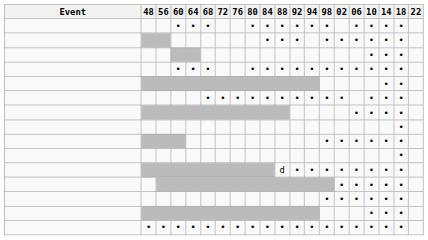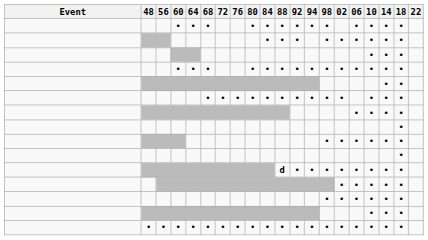 <table class="wikitable" style="text-align:center">
 <tr>
 <th style="width:15em">Event</th>
 <th>48</th>
 <th>56</th>
 <th>60</th>
 <th>64</th>
 <th>68</th>
 <th>72</th>
 <th>76</th>
 <th>80</th>
 <th>84</th>
 <th>88</th>
 <th>92</th>
 <th>94</th>
 <th>98</th>
 <th>02</th>
 <th>06</th>
 <th>10</th>
 <th>14</th>
 <th>18</th>
 <th>22</th>
 </tr>
 <tr>
 <td align=left></td>
 <td></td>
 <td></td>
 <td>•</td>
 <td>•</td>
 <td>•</td>
 <td></td>
 <td></td>
 <td>•</td>
 <td>•</td>
 <td>•</td>
 <td>•</td>
 <td>•</td>
 <td>•</td>
 <td></td>
 <td>•</td>
 <td>•</td>
 <td>•</td>
 <td>•</td>
 <td></td>
 </tr>
 <tr>
 <td align=left></td>
 <td colspan=2 style="background:#bbb"></td>
 <td></td>
 <td></td>
 <td></td>
 <td></td>
 <td></td>
 <td></td>
 <td>•</td>
 <td>•</td>
 <td>•</td>
 <td></td>
 <td>•</td>
 <td>•</td>
 <td>•</td>
 <td>•</td>
 <td>•</td>
 <td>•</td>
 <td></td>
 </tr>
 <tr>
 <td align=left></td>
 <td></td>
 <td></td>
 <td colspan=2 style="background:#bbb"></td>
 <td></td>
 <td></td>
 <td></td>
 <td></td>
 <td></td>
 <td></td>
 <td></td>
 <td></td>
 <td></td>
 <td></td>
 <td></td>
 <td>•</td>
 <td>•</td>
 <td>•</td>
 <td></td>
 </tr>
 <tr>
 <td align=left></td>
 <td></td>
 <td></td>
 <td>•</td>
 <td>•</td>
 <td>•</td>
 <td></td>
 <td></td>
 <td>•</td>
 <td>•</td>
 <td>•</td>
 <td>•</td>
 <td>•</td>
 <td>•</td>
 <td>•</td>
 <td>•</td>
 <td>•</td>
 <td>•</td>
 <td>•</td>
 <td></td>
 </tr>
 <tr>
 <td align=left></td>
 <td colspan=12 style="background:#bbb"></td>
 <td></td>
 <td></td>
 <td></td>
 <td></td>
 <td>•</td>
 <td>•</td>
 <td></td>
 </tr>
 <tr>
 <td align=left></td>
 <td></td>
 <td></td>
 <td></td>
 <td></td>
 <td>•</td>
 <td>•</td>
 <td>•</td>
 <td>•</td>
 <td>•</td>
 <td>•</td>
 <td>•</td>
 <td>•</td>
 <td>•</td>
 <td>•</td>
 <td></td>
 <td>•</td>
 <td>•</td>
 <td>•</td>
 <td></td>
 </tr>
 <tr>
 <td align=left></td>
 <td colspan=10 style="background:#bbb"></td>
 <td></td>
 <td></td>
 <td></td>
 <td></td>
 <td>•</td>
 <td>•</td>
 <td>•</td>
 <td>•</td>
 <td></td>
 </tr>
 <tr>
 <td align=left></td>
 <td></td>
 <td></td>
 <td></td>
 <td></td>
 <td></td>
 <td></td>
 <td></td>
 <td></td>
 <td></td>
 <td></td>
 <td></td>
 <td></td>
 <td></td>
 <td></td>
 <td></td>
 <td></td>
 <td></td>
 <td>•</td>
 <td></td>
 </tr>
 <tr>
 <td align=left></td>
 <td colspan=3 style="background:#bbb"></td>
 <td></td>
 <td></td>
 <td></td>
 <td></td>
 <td></td>
 <td></td>
 <td></td>
 <td></td>
 <td></td>
 <td>•</td>
 <td>•</td>
 <td>•</td>
 <td>•</td>
 <td>•</td>
 <td>•</td>
 <td></td>
 </tr>
 <tr>
 <td align=left></td>
 <td></td>
 <td></td>
 <td></td>
 <td></td>
 <td></td>
 <td></td>
 <td></td>
 <td></td>
 <td></td>
 <td></td>
 <td></td>
 <td></td>
 <td></td>
 <td></td>
 <td></td>
 <td></td>
 <td></td>
 <td>•</td>
 <td></td>
 </tr>
 <tr>
 <td align=left></td>
 <td colspan=9 style="background:#bbb"></td>
-<td>d</td>
+<td><strong>d</strong></td>
 <td>•</td>
 <td>•</td>
 <td>•</td>
 <td>•</td>
 <td>•</td>
 <td>•</td>
 <td>•</td>
 <td>•</td>
 <td></td>
 </tr>
 <tr>
 <td align=left></td>
 <td></td>
 <td colspan=12 style="background:#bbb"></td>
 <td>•</td>
 <td>•</td>
 <td>•</td>
 <td>•</td>
 <td>•</td>
 <td></td>
 </tr>
 <tr>
 <td align=left></td>
 <td></td>
 <td></td>
 <td></td>
 <td></td>
 <td></td>
 <td></td>
 <td></td>
 <td></td>
 <td></td>
 <td></td>
 <td></td>
 <td></td>
 <td>•</td>
 <td>•</td>
 <td>•</td>
 <td>•</td>
 <td>•</td>
 <td>•</td>
 <td></td>
 </tr>
 <tr>
 <td align=left></td>
 <td colspan=12 style="background:#bbb"></td>
 <td></td>
 <td></td>
 <td></td>
 <td>•</td>
 <td>•</td>
 <td>•</td>
 <td></td>
 </tr>
 <tr>
 <td align=left></td>
 <td>•</td>
 <td>•</td>
 <td>•</td>
 <td>•</td>
 <td>•</td>
 <td>•</td>
 <td>•</td>
 <td>•</td>
 <td>•</td>
 <td>•</td>
 <td>•</td>
 <td>•</td>
 <td>•</td>
 <td>•</td>
 <td>•</td>
 <td>•</td>
 <td>•</td>
 <td>•</td>
 <td></td>
 </tr>
 </table>
